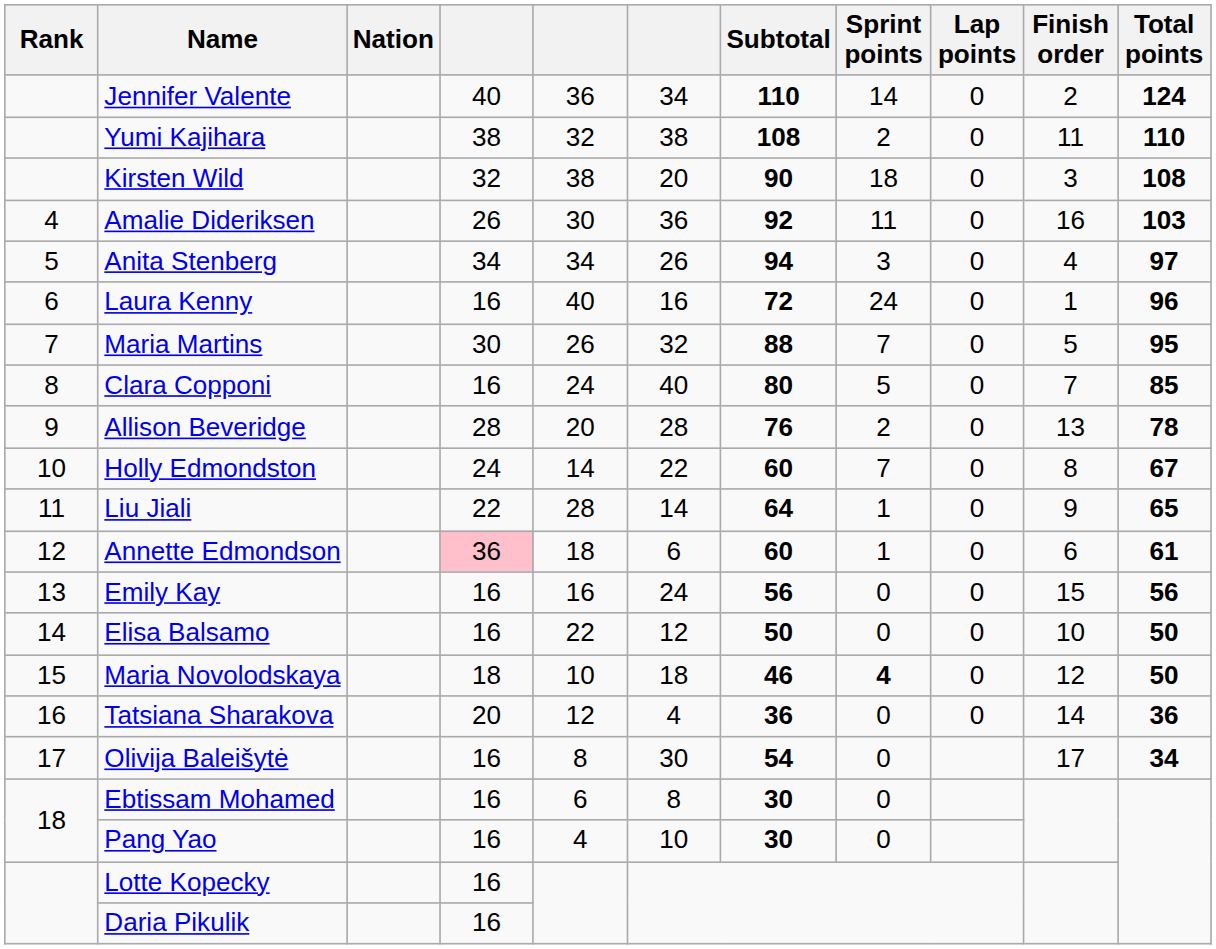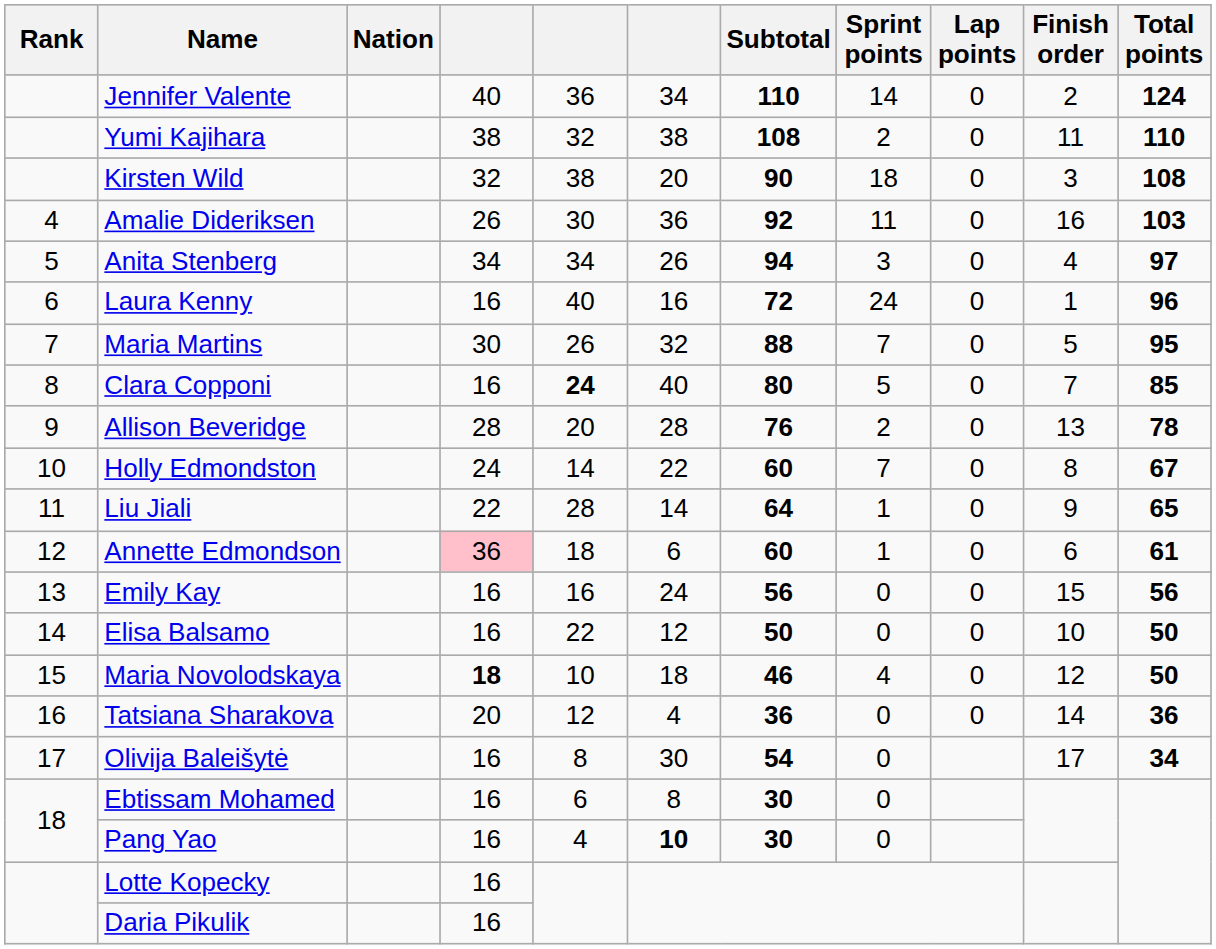 <table class="wikitable sortable" style="text-align:center">
 <tr>
 <th width=50>Rank</th>
 <th>Name</th>
 <th>Nation</th>
 <th width=50></th>
 <th width=50></th>
 <th width=50></th>
 <th width=50>Subtotal</th>
 <th width=50>Sprint points</th>
 <th width=50>Lap points</th>
 <th width=50>Finish order</th>
 <th width=50>Total points</th>
 </tr>
 <tr>
 <td></td>
 <td align=left><a href='#'>Jennifer Valente</a></td>
 <td align=left></td>
 <td>40</td>
 <td>36</td>
 <td>34</td>
 <td><strong>110</strong></td>
 <td>14</td>
 <td>0</td>
 <td>2</td>
 <td><strong>124</strong></td>
 </tr>
 <tr>
 <td></td>
 <td align=left><a href='#'>Yumi Kajihara</a></td>
 <td align=left></td>
 <td>38</td>
 <td>32</td>
 <td>38</td>
 <td><strong>108</strong></td>
 <td>2</td>
 <td>0</td>
 <td>11</td>
 <td><strong>110</strong></td>
 </tr>
 <tr>
 <td></td>
 <td align=left><a href='#'>Kirsten Wild</a></td>
 <td align=left></td>
 <td>32</td>
 <td>38</td>
 <td>20</td>
 <td><strong>90</strong></td>
 <td>18</td>
 <td>0</td>
 <td>3</td>
 <td><strong>108</strong></td>
 </tr>
 <tr>
 <td>4</td>
 <td align=left><a href='#'>Amalie Dideriksen</a></td>
 <td align=left></td>
 <td>26</td>
 <td>30</td>
 <td>36</td>
 <td><strong>92</strong></td>
 <td>11</td>
 <td>0</td>
 <td>16</td>
 <td><strong>103</strong></td>
 </tr>
 <tr>
 <td>5</td>
 <td align=left><a href='#'>Anita Stenberg</a></td>
 <td align=left></td>
 <td>34</td>
 <td>34</td>
 <td>26</td>
 <td><strong>94</strong></td>
 <td>3</td>
 <td>0</td>
 <td>4</td>
 <td><strong>97</strong></td>
 </tr>
 <tr>
 <td>6</td>
 <td align=left><a href='#'>Laura Kenny</a></td>
 <td align=left></td>
 <td>16</td>
 <td>40</td>
 <td>16</td>
 <td><strong>72</strong></td>
 <td>24</td>
 <td>0</td>
 <td>1</td>
 <td><strong>96</strong></td>
 </tr>
 <tr>
 <td>7</td>
 <td align=left><a href='#'>Maria Martins</a></td>
 <td align=left></td>
 <td>30</td>
 <td>26</td>
 <td>32</td>
 <td><strong>88</strong></td>
 <td>7</td>
 <td>0</td>
 <td>5</td>
 <td><strong>95</strong></td>
 </tr>
 <tr>
 <td>8</td>
 <td align=left><a href='#'>Clara Copponi</a></td>
 <td align=left></td>
 <td>16</td>
-<td>24</td>
+<td><strong>24</strong></td>
 <td>40</td>
 <td><strong>80</strong></td>
 <td>5</td>
 <td>0</td>
 <td>7</td>
 <td><strong>85</strong></td>
 </tr>
 <tr>
 <td>9</td>
 <td align=left><a href='#'>Allison Beveridge</a></td>
 <td align=left></td>
 <td>28</td>
 <td>20</td>
 <td>28</td>
 <td><strong>76</strong></td>
 <td>2</td>
 <td>0</td>
 <td>13</td>
 <td><strong>78</strong></td>
 </tr>
 <tr>
 <td>10</td>
 <td align=left><a href='#'>Holly Edmondston</a></td>
 <td align=left></td>
 <td>24</td>
 <td>14</td>
 <td>22</td>
 <td><strong>60</strong></td>
 <td>7</td>
 <td>0</td>
 <td>8</td>
 <td><strong>67</strong></td>
 </tr>
 <tr>
 <td>11</td>
 <td align=left><a href='#'>Liu Jiali</a></td>
 <td align=left></td>
 <td>22</td>
 <td>28</td>
 <td>14</td>
 <td><strong>64</strong></td>
 <td>1</td>
 <td>0</td>
 <td>9</td>
 <td><strong>65</strong></td>
 </tr>
 <tr>
 <td>12</td>
 <td align=left><a href='#'>Annette Edmondson</a></td>
 <td align=left></td>
 <td style="background: pink;">36</td>
 <td>18</td>
 <td>6</td>
 <td><strong>60</strong></td>
 <td>1</td>
 <td>0</td>
 <td>6</td>
 <td><strong>61</strong></td>
 </tr>
 <tr>
 <td>13</td>
 <td align=left><a href='#'>Emily Kay</a></td>
 <td align=left></td>
 <td>16</td>
 <td>16</td>
 <td>24</td>
 <td><strong>56</strong></td>
 <td>0</td>
 <td>0</td>
 <td>15</td>
 <td><strong>56</strong></td>
 </tr>
 <tr>
 <td>14</td>
 <td align=left><a href='#'>Elisa Balsamo</a></td>
 <td align=left></td>
 <td>16</td>
 <td>22</td>
 <td>12</td>
 <td><strong>50</strong></td>
 <td>0</td>
 <td>0</td>
 <td>10</td>
 <td><strong>50</strong></td>
 </tr>
 <tr>
 <td>15</td>
 <td align=left><a href='#'>Maria Novolodskaya</a></td>
 <td align=left></td>
-<td>18</td>
+<td><strong>18</strong></td>
 <td>10</td>
 <td>18</td>
 <td><strong>46</strong></td>
-<td><strong>4</strong></td>
+<td>4</td>
 <td>0</td>
 <td>12</td>
 <td><strong>50</strong></td>
 </tr>
 <tr>
 <td>16</td>
 <td align=left><a href='#'>Tatsiana Sharakova</a></td>
 <td align=left></td>
 <td>20</td>
 <td>12</td>
 <td>4</td>
 <td><strong>36</strong></td>
 <td>0</td>
 <td>0</td>
 <td>14</td>
 <td><strong>36</strong></td>
 </tr>
 <tr>
 <td>17</td>
 <td align=left><a href='#'>Olivija Baleišytė</a></td>
 <td align=left></td>
 <td>16</td>
 <td>8</td>
 <td>30</td>
 <td><strong>54</strong></td>
 <td>0</td>
 <td></td>
 <td>17</td>
 <td><strong>34</strong></td>
 </tr>
 <tr>
 <td rowspan=2>18</td>
 <td align=left><a href='#'>Ebtissam Mohamed</a></td>
 <td align=left></td>
 <td>16</td>
 <td>6</td>
 <td>8</td>
 <td><strong>30</strong></td>
 <td>0</td>
 <td></td>
 <td rowspan=2></td>
 <td rowspan=4><strong></strong></td>
 </tr>
 <tr>
 <td align=left><a href='#'>Pang Yao</a></td>
 <td align=left></td>
 <td>16</td>
 <td>4</td>
-<td>10</td>
+<td><strong>10</strong></td>
 <td><strong>30</strong></td>
 <td>0</td>
 <td></td>
 </tr>
 <tr>
 <td rowspan=2></td>
 <td align=left><a href='#'>Lotte Kopecky</a></td>
 <td align=left></td>
 <td>16</td>
 <td rowspan=2></td>
 <td colspan=4 rowspan=2></td>
 <td rowspan=2></td>
 </tr>
 <tr>
 <td align=left><a href='#'>Daria Pikulik</a></td>
 <td align=left></td>
 <td>16</td>
 </tr>
 </table>
